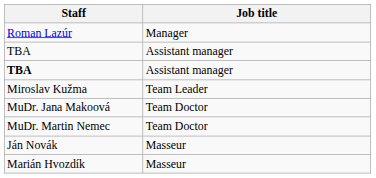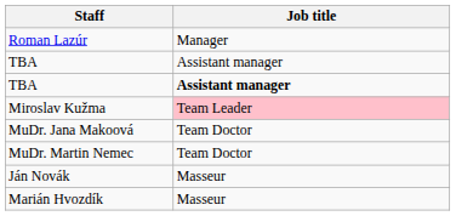 <table class="wikitable">
 <tr>
 <th width=180>Staff</th>
 <th width=300>Job title</th>
 </tr>
 <tr>
 <td> <a href='#'>Roman Lazúr</a></td>
 <td>Manager</td>
 </tr>
 <tr>
 <td>TBA</td>
 <td>Assistant manager</td>
 </tr>
 <tr>
-<td><strong>TBA</strong></td>
-<td>Assistant manager</td>
+<td>TBA</td>
+<td><strong>Assistant manager</strong></td>
 </tr>
 <tr>
 <td> Miroslav Kužma</td>
-<td>Team Leader</td>
+<td style="background: pink;">Team Leader</td>
 </tr>
 <tr>
 <td> MuDr. Jana Makoová</td>
 <td>Team Doctor</td>
 </tr>
 <tr>
 <td> MuDr. Martin Nemec</td>
 <td>Team Doctor</td>
 </tr>
 <tr>
 <td> Ján Novák</td>
 <td>Masseur</td>
 </tr>
 <tr>
 <td> Marián Hvozdík</td>
 <td>Masseur</td>
 </tr>
 </table>
